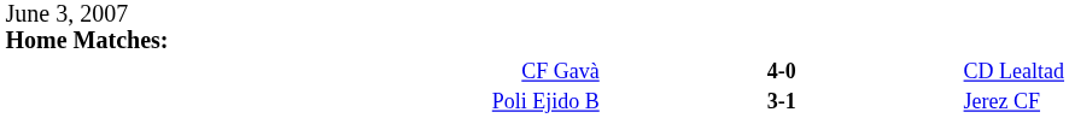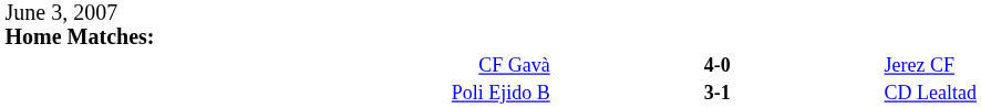 <table width=100% cellspacing=1>
 <tr>
 <th width=20%></th>
 <th width=12%></th>
 <th width=20%></th>
 <th></th>
 </tr>
 <tr>
 <td>June 3, 2007<br><strong>Home Matches:</strong></td>
 </tr>
 <tr style=font-size:90%>
 <td align=right><a href='#'>CF Gavà</a></td>
 <td align=center><strong>4-0</strong></td>
-<td><a href='#'>CD Lealtad</a></td>
+<td><a href='#'>Jerez CF</a></td>
 </tr>
 <tr style=font-size:90%>
 <td align=right><a href='#'>Poli Ejido B</a></td>
 <td align=center><strong>3-1</strong></td>
-<td><a href='#'>Jerez CF</a></td>
+<td><a href='#'>CD Lealtad</a></td>
 </tr>
 </table>
